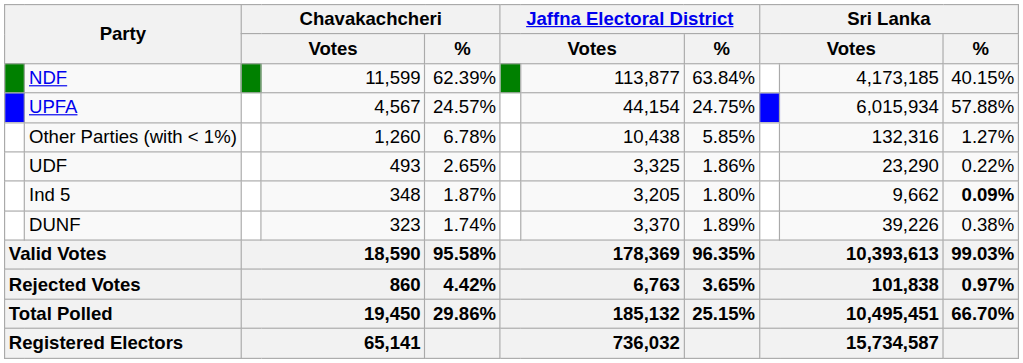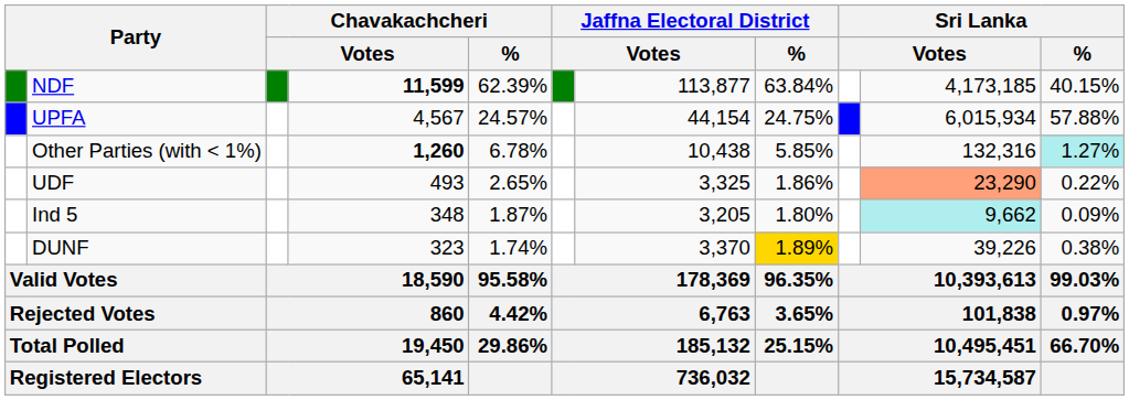 <table class="wikitable">
 <tr>
 <th colspan="2" width="144px"rowspan="2">Party</th>
 <th colspan="3" width="216px">Chavakachcheri</th>
 <th colspan="3" width="216px"><a href='#'>Jaffna Electoral District</a></th>
 <th colspan="3" width="216px">Sri Lanka</th>
 </tr>
 <tr>
 <th colspan="2" width="144px">Votes</th>
 <th>%</th>
 <th colspan="2" width="144px">Votes</th>
 <th>%</th>
 <th colspan="2" width="144px">Votes</th>
 <th>%</th>
 </tr>
 <tr>
 <td style="background-color:green;" width="10px"></td>
 <td style="text-align:left;"><a href='#'>NDF</a></td>
 <td style="background-color:green;" width="10px"></td>
-<td style="text-align:right;">11,599</td>
+<td style="text-align:right;"><strong>11,599</strong></td>
 <td style="text-align:right;">62.39%</td>
 <td style="background-color:green;" width="10px"></td>
 <td style="text-align:right;">113,877</td>
 <td style="text-align:right;">63.84%</td>
 <td style="background-color:white;" width="10px"></td>
 <td style="text-align:right;">4,173,185</td>
 <td style="text-align:right;">40.15%</td>
 </tr>
 <tr>
 <td style="background-color:blue;" width="10px"></td>
 <td style="text-align:left;"><a href='#'>UPFA</a></td>
 <td style="background-color:white;" width="10px"></td>
 <td style="text-align:right;">4,567</td>
 <td style="text-align:right;">24.57%</td>
 <td style="background-color:white;" width="10px"></td>
 <td style="text-align:right;">44,154</td>
 <td style="text-align:right;">24.75%</td>
 <td style="background-color:blue;" width="10px"></td>
 <td style="text-align:right;">6,015,934</td>
 <td style="text-align:right;">57.88%</td>
 </tr>
 <tr>
 <td style="background-color:white;" width="10px"></td>
 <td style="text-align:left;">Other Parties (with < 1%)</td>
 <td style="background-color:white;" width="10px"></td>
-<td style="text-align:right;">1,260</td>
+<td style="text-align:right;"><strong>1,260</strong></td>
 <td style="text-align:right;">6.78%</td>
 <td style="background-color:white;" width="10px"></td>
 <td style="text-align:right;">10,438</td>
 <td style="text-align:right;">5.85%</td>
 <td style="background-color:white;" width="10px"></td>
 <td style="text-align:right;">132,316</td>
-<td style="text-align:right;">1.27%</td>
+<td style="background: paleturquoise; text-align:right;">1.27%</td>
 </tr>
 <tr>
 <td style="background-color:white;" width="10px"></td>
 <td style="text-align:left;">UDF</td>
 <td style="background-color:white;" width="10px"></td>
 <td style="text-align:right;">493</td>
 <td style="text-align:right;">2.65%</td>
 <td style="background-color:white;" width="10px"></td>
 <td style="text-align:right;">3,325</td>
 <td style="text-align:right;">1.86%</td>
 <td style="background-color:white;" width="10px"></td>
-<td style="text-align:right;">23,290</td>
+<td style="background: lightsalmon; text-align:right;">23,290</td>
 <td style="text-align:right;">0.22%</td>
 </tr>
 <tr>
 <td style="background-color:white;" width="10px"></td>
 <td style="text-align:left;">Ind 5</td>
 <td style="background-color:white;" width="10px"></td>
 <td style="text-align:right;">348</td>
 <td style="text-align:right;">1.87%</td>
 <td style="background-color:white;" width="10px"></td>
 <td style="text-align:right;">3,205</td>
 <td style="text-align:right;">1.80%</td>
 <td style="background-color:white;" width="10px"></td>
-<td style="text-align:right;">9,662</td>
-<td style="text-align:right;"><strong>0.09%</strong></td>
+<td style="background: paleturquoise; text-align:right;">9,662</td>
+<td style="text-align:right;">0.09%</td>
 </tr>
 <tr>
 <td style="background-color:white;" width="10px"></td>
 <td style="text-align:left;">DUNF</td>
 <td style="background-color:white;" width="10px"></td>
 <td style="text-align:right;">323</td>
 <td style="text-align:right;">1.74%</td>
 <td style="background-color:white;" width="10px"></td>
 <td style="text-align:right;">3,370</td>
-<td style="text-align:right;">1.89%</td>
+<td style="background: gold; text-align:right;">1.89%</td>
 <td style="background-color:white;" width="10px"></td>
 <td style="text-align:right;">39,226</td>
 <td style="text-align:right;">0.38%</td>
 </tr>
 <tr>
 <th colspan="2" width="144px"style="text-align:left;">Valid Votes</th>
 <th style="text-align:right;"colspan="2" width="144px">18,590</th>
 <th style="text-align:right;">95.58%</th>
 <th style="text-align:right;"colspan="2" width="144px">178,369</th>
 <th style="text-align:right;">96.35%</th>
 <th style="text-align:right;"colspan="2" width="144px">10,393,613</th>
 <th style="text-align:right;">99.03%</th>
 </tr>
 <tr>
 <th colspan="2" width="144px"style="text-align:left;">Rejected Votes</th>
 <th style="text-align:right;"colspan="2" width="144px">860</th>
 <th style="text-align:right;">4.42%</th>
 <th style="text-align:right;"colspan="2" width="144px">6,763</th>
 <th style="text-align:right;">3.65%</th>
 <th style="text-align:right;"colspan="2" width="144px">101,838</th>
 <th style="text-align:right;">0.97%</th>
 </tr>
 <tr>
 <th colspan="2" width="144px"style="text-align:left;">Total Polled</th>
 <th style="text-align:right;"colspan="2" width="144px">19,450</th>
 <th style="text-align:right;">29.86%</th>
 <th style="text-align:right;"colspan="2" width="144px">185,132</th>
 <th style="text-align:right;">25.15%</th>
 <th style="text-align:right;"colspan="2" width="144px">10,495,451</th>
 <th style="text-align:right;">66.70%</th>
 </tr>
 <tr>
 <th colspan="2" width="144px"style="text-align:left;">Registered Electors</th>
 <th style="text-align:right;"colspan="2" width="144px">65,141</th>
 <th></th>
 <th style="text-align:right;"colspan="2" width="144px">736,032</th>
 <th></th>
 <th style="text-align:right;"colspan="2" width="144px">15,734,587</th>
 <th></th>
 </tr>
 </table>
